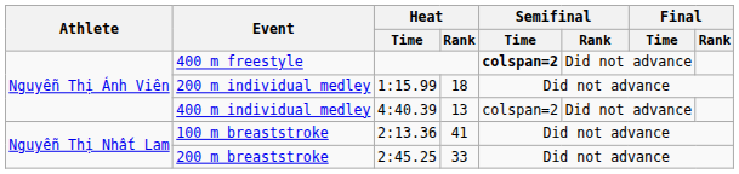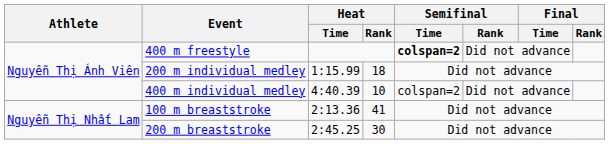 <table class=wikitable style="font-size:90%">
 <tr>
 <th rowspan="2">Athlete</th>
 <th rowspan="2">Event</th>
 <th colspan="2">Heat</th>
 <th colspan="2">Semifinal</th>
 <th colspan="2">Final</th>
 </tr>
 <tr style="font-size:95%">
 <th>Time</th>
 <th>Rank</th>
 <th>Time</th>
 <th>Rank</th>
 <th>Time</th>
 <th>Rank</th>
 </tr>
 <tr align=center>
 <td align=left rowspan=3><a href='#'>Nguyễn Thị Ánh Viên</a></td>
 <td align=left><a href='#'>400 m freestyle</a></td>
 <td colspan=2></td>
 <td><strong>colspan=2 </strong></td>
 <td colspan=2>Did not advance</td>
 </tr>
 <tr align=center>
 <td align=left><a href='#'>200 m individual medley</a></td>
 <td>1:15.99</td>
 <td>18</td>
 <td colspan=4>Did not advance</td>
 </tr>
 <tr align=center>
 <td align=left><a href='#'>400 m individual medley</a></td>
 <td>4:40.39</td>
-<td>13</td>
+<td>10</td>
 <td>colspan=2 </td>
 <td colspan=2>Did not advance</td>
 </tr>
 <tr align=center>
 <td align=left rowspan=2><a href='#'>Nguyễn Thị Nhất Lam</a></td>
 <td align=left><a href='#'>100 m breaststroke</a></td>
 <td>2:13.36</td>
 <td>41</td>
 <td colspan=4>Did not advance</td>
 </tr>
 <tr align=center>
 <td align=left><a href='#'>200 m breaststroke</a></td>
 <td>2:45.25</td>
-<td>33</td>
+<td>30</td>
 <td colspan=4>Did not advance</td>
 </tr>
 </table>
